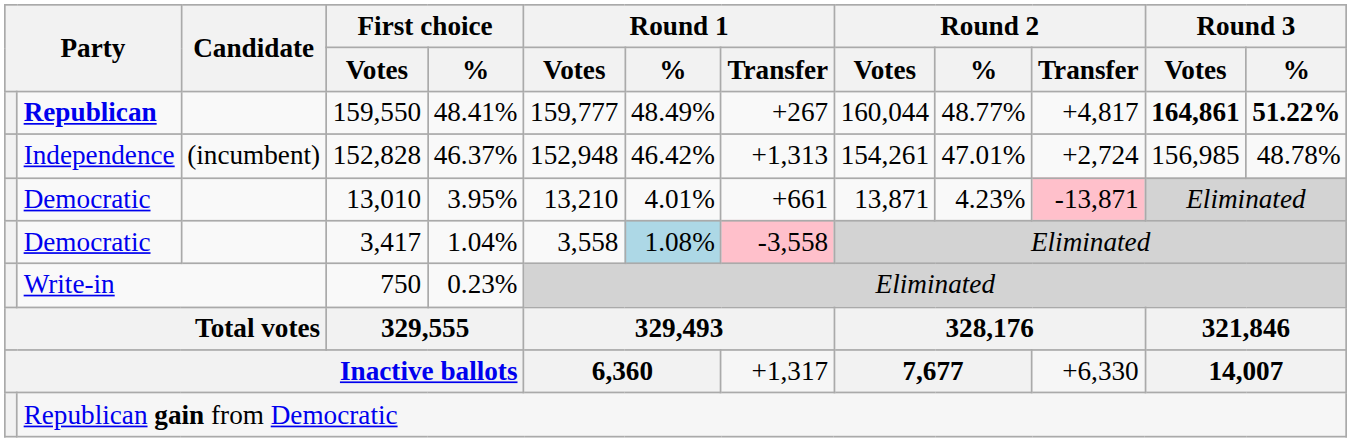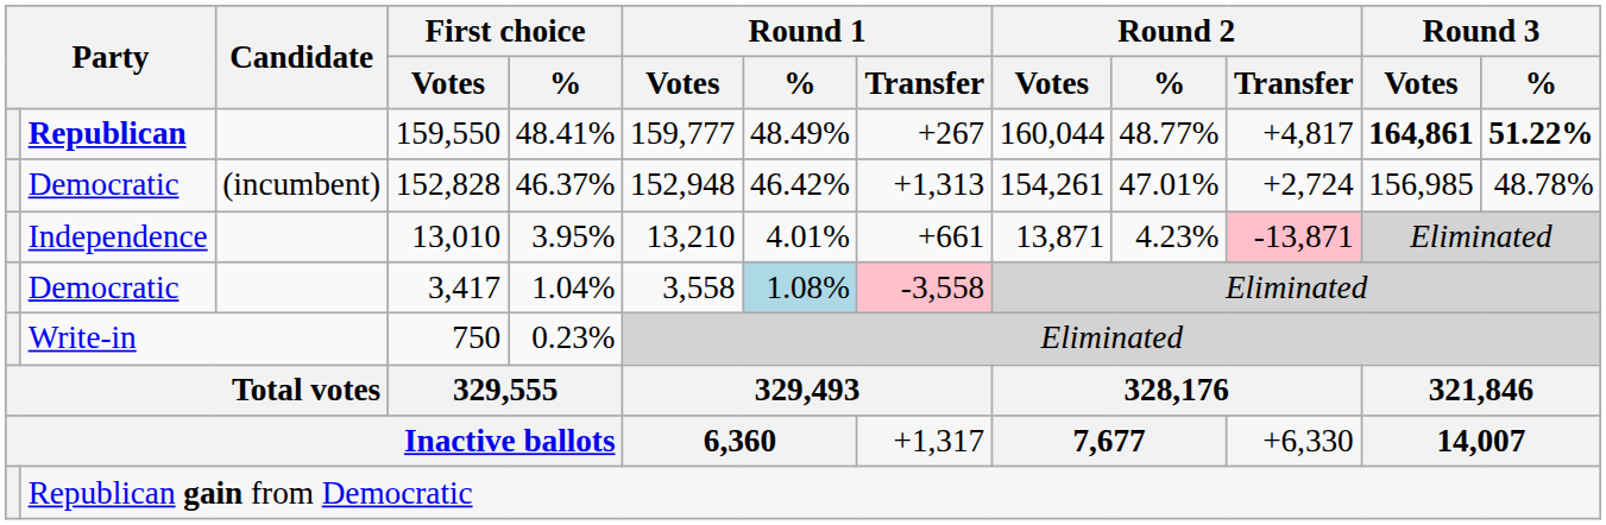 <table class="wikitable sortable" style="text-align:right">
 <tr>
 <th colspan=2 rowspan=2>Party</th>
 <th rowspan=2>Candidate</th>
 <th colspan=2>First choice</th>
 <th colspan=3>Round 1</th>
 <th colspan=3>Round 2</th>
 <th colspan=2>Round 3</th>
 </tr>
 <tr>
 <th>Votes</th>
 <th>%</th>
 <th>Votes</th>
 <th>%</th>
 <th>Transfer</th>
 <th>Votes</th>
 <th>%</th>
 <th>Transfer</th>
 <th>Votes</th>
 <th>%</th>
 </tr>
 <tr>
 <th style="background-color:"></th>
 <td style="text-align:left"><strong><a href='#'>Republican</a></strong></td>
 <td style="text-align:left" scope="row"><strong></strong></td>
 <td>159,550</td>
 <td>48.41%</td>
 <td>159,777</td>
 <td>48.49%</td>
 <td>+267</td>
 <td>160,044</td>
 <td>48.77%</td>
 <td>+4,817</td>
 <td><strong>164,861</strong></td>
 <td><strong>51.22%</strong></td>
 </tr>
 <tr>
 <th style="background-color:"></th>
-<td style="text-align:left"><a href='#'>Independence</a></td>
+<td style="text-align:left"><a href='#'>Democratic</a></td>
 <td style="text-align:left" scope="row"> (incumbent)</td>
 <td>152,828</td>
 <td>46.37%</td>
 <td>152,948</td>
 <td>46.42%</td>
 <td>+1,313</td>
 <td>154,261</td>
 <td>47.01%</td>
 <td>+2,724</td>
 <td>156,985</td>
 <td>48.78%</td>
 </tr>
 <tr>
 <th style="background-color:"></th>
-<td style="text-align:left"><a href='#'>Democratic</a></td>
+<td style="text-align:left"><a href='#'>Independence</a></td>
 <td style="text-align:left" scope="row"></td>
 <td>13,010</td>
 <td>3.95%</td>
 <td>13,210</td>
 <td>4.01%</td>
 <td>+661</td>
 <td>13,871</td>
 <td>4.23%</td>
 <td style="background:pink;">-13,871</td>
 <td colspan=2 style="background:lightgrey; text-align:center"><em>Eliminated</em></td>
 </tr>
 <tr>
 <th style="background-color:"></th>
 <td style="text-align:left"><a href='#'>Democratic</a></td>
 <td style="text-align:left" scope="row"></td>
 <td>3,417</td>
 <td>1.04%</td>
 <td>3,558</td>
 <td style="background: lightblue;">1.08%</td>
 <td style="background:pink;">-3,558</td>
 <td colspan=5 style="background:lightgrey; text-align:center"><em>Eliminated</em></td>
 </tr>
 <tr>
 <th style="background-color:"></th>
 <td style="text-align:left" colspan=2><a href='#'>Write-in</a></td>
 <td>750</td>
 <td>0.23%</td>
 <td colspan=8 style="background:lightgrey; text-align:center"><em>Eliminated</em></td>
 </tr>
 <tr class="sortbottom" style="background-color:#F6F6F6">
 <th colspan=3 scope="row" style="text-align:right;">Total votes</th>
 <th colspan=2>329,555</th>
 <th colspan=3>329,493</th>
 <th colspan=3>328,176</th>
 <th colspan=2>321,846</th>
 </tr>
 <tr class="sortbottom" style="background-color:#F6F6F6">
 <th colspan=5 scope="row" style="text-align:right;"><a href='#'>Inactive ballots</a></th>
 <th colspan=2>6,360</th>
 <td>+1,317</td>
 <th colspan=2>7,677</th>
 <td>+6,330</td>
 <th colspan=2>14,007</th>
 </tr>
 <tr class="sortbottom" style="background:#f6f6f6;">
 <th style="background-color:"></th>
 <td colspan="13" style="text-align:left"><a href='#'>Republican</a> <strong>gain</strong> from <a href='#'>Democratic</a></td>
 </tr>
 </table>
